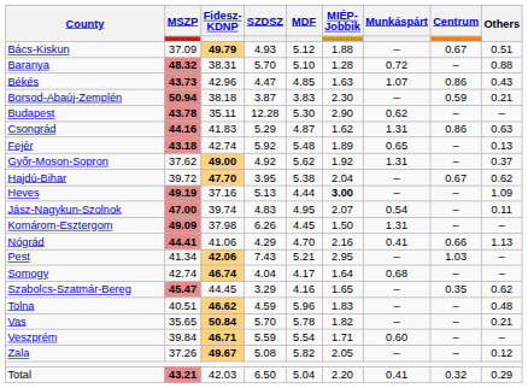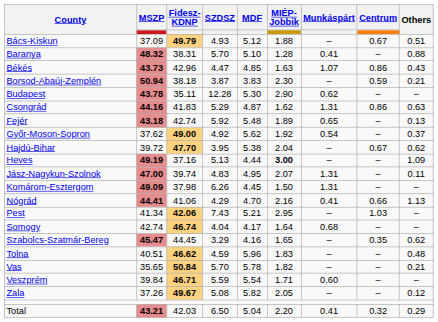 <table class="wikitable sortable" style="text-align:center;font-size:90%;line-height:14px">
 <tr style="height:40px;">
 <th style="width:200px;" rowspan="2"><a href='#'>County</a></th>
 <th style="width:40px;"><a href='#'>MSZP</a></th>
 <th style="width:40px;"><a href='#'>Fidesz-KDNP</a></th>
 <th style="width:40px;"><a href='#'>SZDSZ</a></th>
 <th style="width:40px;"><a href='#'>MDF</a></th>
 <th style="width:40px;"><a href='#'>MIÉP-Jobbik</a></th>
 <th style="width:40px;"><a href='#'>Munkáspárt</a></th>
 <th style="width:40px;"><a href='#'>Centrum</a></th>
 <th class="unsortable" style="width:40px;" rowspan="2">Others</th>
 </tr>
 <tr>
 <th style="background:#CE171B;"></th>
 <th style="background:"></th>
 <th style="background:"></th>
 <th style="background:"></th>
 <th style="background:#CC9900;"></th>
 <th style="background:"></th>
 <th style="background:#FF7E00;"></th>
 </tr>
 <tr>
 <td align="left"><a href='#'>Bács-Kiskun</a></td>
 <td>37.09</td>
 <td style="background:#ffd27f;"><strong>49.79</strong></td>
 <td>4.93</td>
 <td>5.12</td>
 <td>1.88</td>
 <td>–</td>
 <td>0.67</td>
 <td>0.51</td>
 </tr>
 <tr>
 <td align="left"><a href='#'>Baranya</a></td>
 <td style="background:#e78b8d;"><strong>48.32</strong></td>
 <td>38.31</td>
 <td>5.70</td>
 <td>5.10</td>
 <td>1.28</td>
-<td>0.72</td>
+<td>0.41</td>
 <td>–</td>
 <td>0.88</td>
 </tr>
 <tr>
 <td align="left"><a href='#'>Békés</a></td>
 <td style="background:#e78b8d;"><strong>43.73</strong></td>
 <td>42.96</td>
 <td>4.47</td>
 <td>4.85</td>
 <td>1.63</td>
 <td>1.07</td>
 <td>0.86</td>
 <td>0.43</td>
 </tr>
 <tr>
 <td align="left"><a href='#'>Borsod-Abaúj-Zemplén</a></td>
 <td style="background:#e78b8d;"><strong>50.94</strong></td>
 <td>38.18</td>
 <td>3.87</td>
 <td>3.83</td>
 <td>2.30</td>
 <td>–</td>
 <td>0.59</td>
 <td>0.21</td>
 </tr>
 <tr>
 <td align="left"><a href='#'>Budapest</a></td>
 <td style="background:#e78b8d;"><strong>43.78</strong></td>
 <td>35.11</td>
 <td>12.28</td>
 <td>5.30</td>
 <td>2.90</td>
 <td>0.62</td>
 <td>–</td>
 <td>–</td>
 </tr>
 <tr>
 <td align="left"><a href='#'>Csongrád</a></td>
 <td style="background:#e78b8d;"><strong>44.16</strong></td>
 <td>41.83</td>
 <td>5.29</td>
 <td>4.87</td>
 <td>1.62</td>
 <td>1.31</td>
 <td>0.86</td>
 <td>0.63</td>
 </tr>
 <tr>
 <td align="left"><a href='#'>Fejér</a></td>
 <td style="background:#e78b8d;"><strong>43.18</strong></td>
 <td>42.74</td>
 <td>5.92</td>
 <td>5.48</td>
 <td>1.89</td>
 <td>0.65</td>
 <td>–</td>
 <td>0.13</td>
 </tr>
 <tr>
 <td align="left"><a href='#'>Győr-Moson-Sopron</a></td>
 <td>37.62</td>
 <td style="background:#ffd27f;"><strong>49.00</strong></td>
 <td>4.92</td>
 <td>5.62</td>
 <td>1.92</td>
-<td>1.31</td>
+<td>0.54</td>
 <td>–</td>
 <td>0.37</td>
 </tr>
 <tr>
 <td align="left"><a href='#'>Hajdú-Bihar</a></td>
 <td>39.72</td>
 <td style="background:#ffd27f;"><strong>47.70</strong></td>
 <td>3.95</td>
 <td>5.38</td>
 <td>2.04</td>
 <td>–</td>
 <td>0.67</td>
 <td>0.62</td>
 </tr>
 <tr>
 <td align="left"><a href='#'>Heves</a></td>
 <td style="background:#e78b8d;"><strong>49.19</strong></td>
 <td>37.16</td>
 <td>5.13</td>
 <td>4.44</td>
 <td><strong>3.00</strong></td>
 <td>–</td>
 <td>–</td>
 <td>1.09</td>
 </tr>
 <tr>
 <td align="left"><a href='#'>Jász-Nagykun-Szolnok</a></td>
 <td style="background:#e78b8d;"><strong>47.00</strong></td>
 <td>39.74</td>
 <td>4.83</td>
 <td>4.95</td>
 <td>2.07</td>
-<td>0.54</td>
+<td>1.31</td>
 <td>–</td>
 <td>0.11</td>
 </tr>
 <tr>
 <td align="left"><a href='#'>Komárom-Esztergom</a></td>
 <td style="background:#e78b8d;"><strong>49.09</strong></td>
 <td>37.98</td>
 <td>6.26</td>
 <td>4.45</td>
 <td>1.50</td>
 <td>1.31</td>
 <td>–</td>
 <td>–</td>
 </tr>
 <tr>
 <td align="left"><a href='#'>Nógrád</a></td>
 <td style="background:#e78b8d;"><strong>44.41</strong></td>
 <td>41.06</td>
 <td>4.29</td>
 <td>4.70</td>
 <td>2.16</td>
 <td>0.41</td>
 <td>0.66</td>
 <td>1.13</td>
 </tr>
 <tr>
 <td align="left"><a href='#'>Pest</a></td>
 <td>41.34</td>
 <td style="background:#ffd27f;"><strong>42.06</strong></td>
 <td>7.43</td>
 <td>5.21</td>
 <td>2.95</td>
 <td>–</td>
 <td>1.03</td>
 <td>–</td>
 </tr>
 <tr>
 <td align="left"><a href='#'>Somogy</a></td>
 <td>42.74</td>
 <td style="background:#ffd27f;"><strong>46.74</strong></td>
 <td>4.04</td>
 <td>4.17</td>
 <td>1.64</td>
 <td>0.68</td>
 <td>–</td>
 <td>–</td>
 </tr>
 <tr>
 <td align="left"><a href='#'>Szabolcs-Szatmár-Bereg</a></td>
 <td style="background:#e78b8d;"><strong>45.47</strong></td>
 <td>44.45</td>
 <td>3.29</td>
 <td>4.16</td>
 <td>1.65</td>
 <td>–</td>
 <td>0.35</td>
 <td>0.62</td>
 </tr>
 <tr>
 <td align="left"><a href='#'>Tolna</a></td>
 <td>40.51</td>
 <td style="background:#ffd27f;"><strong>46.62</strong></td>
 <td>4.59</td>
 <td>5.96</td>
 <td>1.83</td>
 <td>–</td>
 <td>–</td>
 <td>0.48</td>
 </tr>
 <tr>
 <td align="left"><a href='#'>Vas</a></td>
 <td>35.65</td>
 <td style="background:#ffd27f;"><strong>50.84</strong></td>
 <td>5.70</td>
 <td>5.78</td>
 <td>1.82</td>
 <td>–</td>
 <td>–</td>
 <td>0.21</td>
 </tr>
 <tr>
 <td align="left"><a href='#'>Veszprém</a></td>
 <td>39.84</td>
 <td style="background:#ffd27f;"><strong>46.71</strong></td>
 <td>5.59</td>
 <td>5.54</td>
 <td>1.71</td>
 <td>0.60</td>
 <td>–</td>
 <td>–</td>
 </tr>
 <tr>
 <td align="left"><a href='#'>Zala</a></td>
 <td>37.26</td>
 <td style="background:#ffd27f;"><strong>49.67</strong></td>
 <td>5.08</td>
 <td>5.82</td>
 <td>2.05</td>
 <td>–</td>
 <td>–</td>
 <td>0.12</td>
 </tr>
 <tr>
 <td colspan=10></td>
 </tr>
 <tr>
 <td align="left">Total</td>
 <td style="background:#e78b8d;"><strong>43.21</strong></td>
 <td>42.03</td>
 <td>6.50</td>
 <td>5.04</td>
 <td>2.20</td>
 <td>0.41</td>
 <td>0.32</td>
 <td>0.29</td>
 </tr>
 </table>
